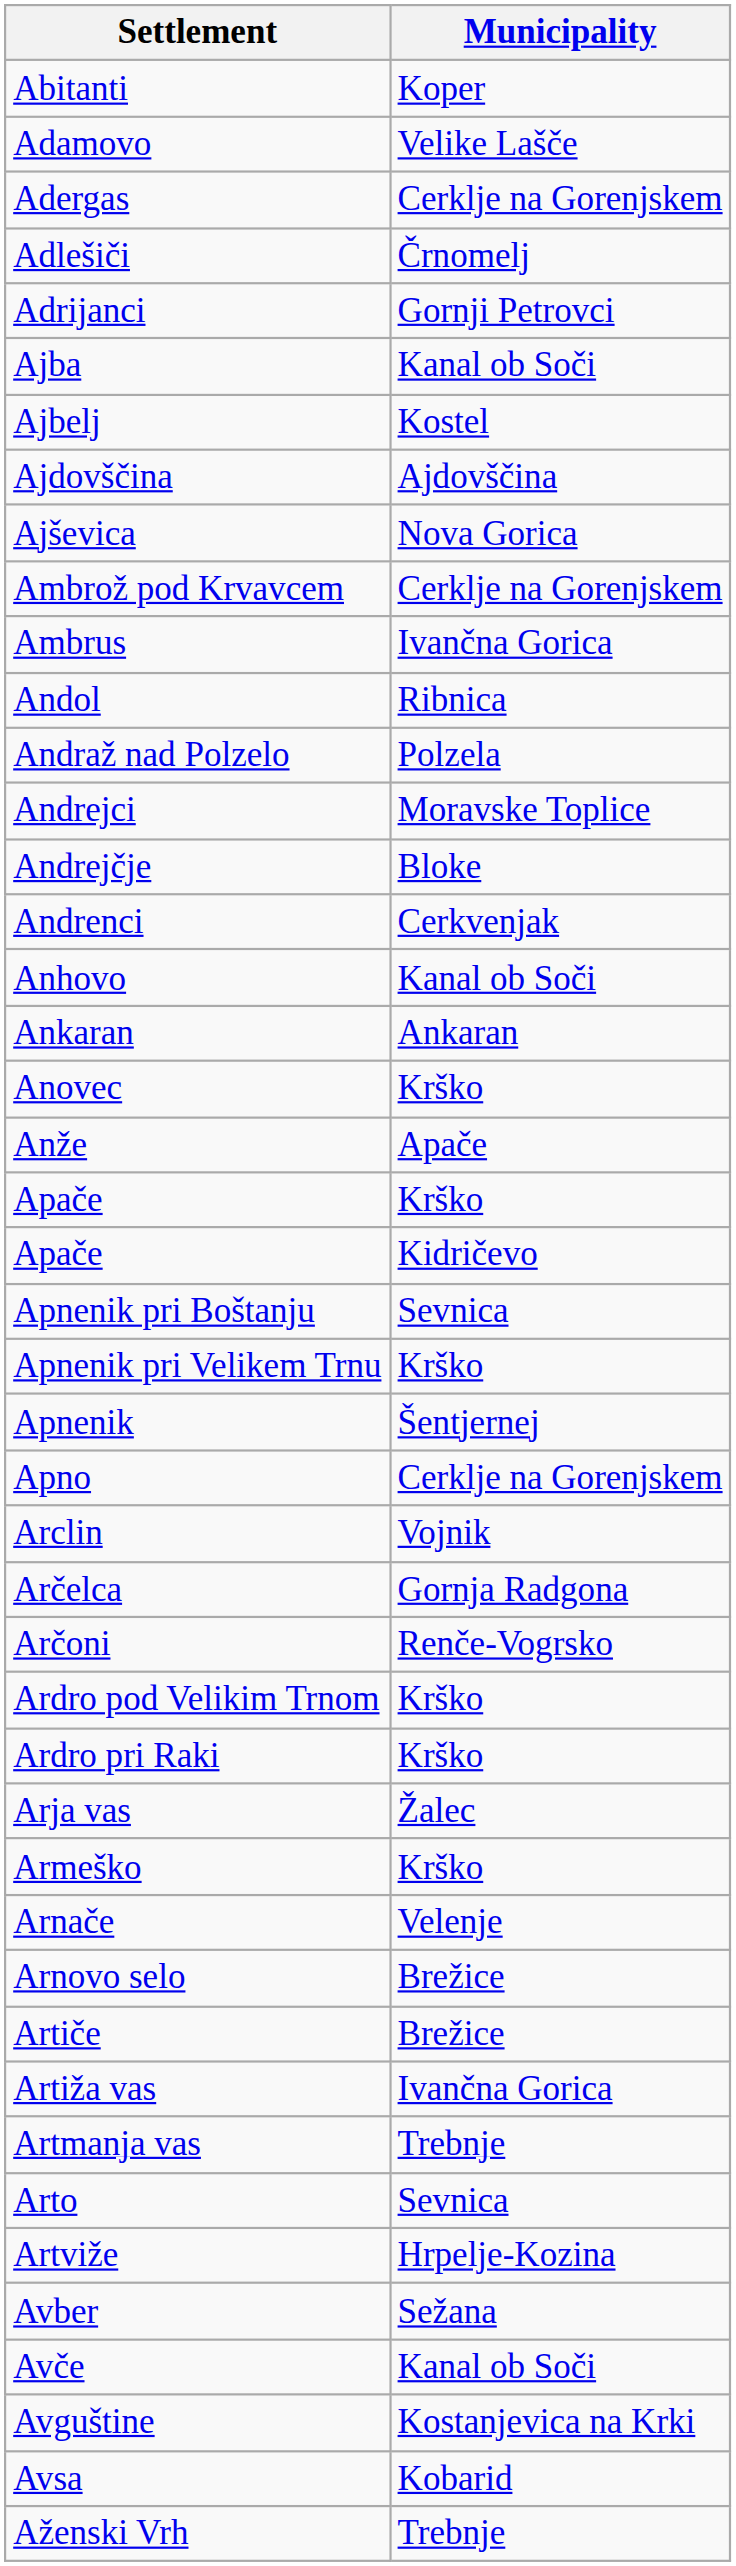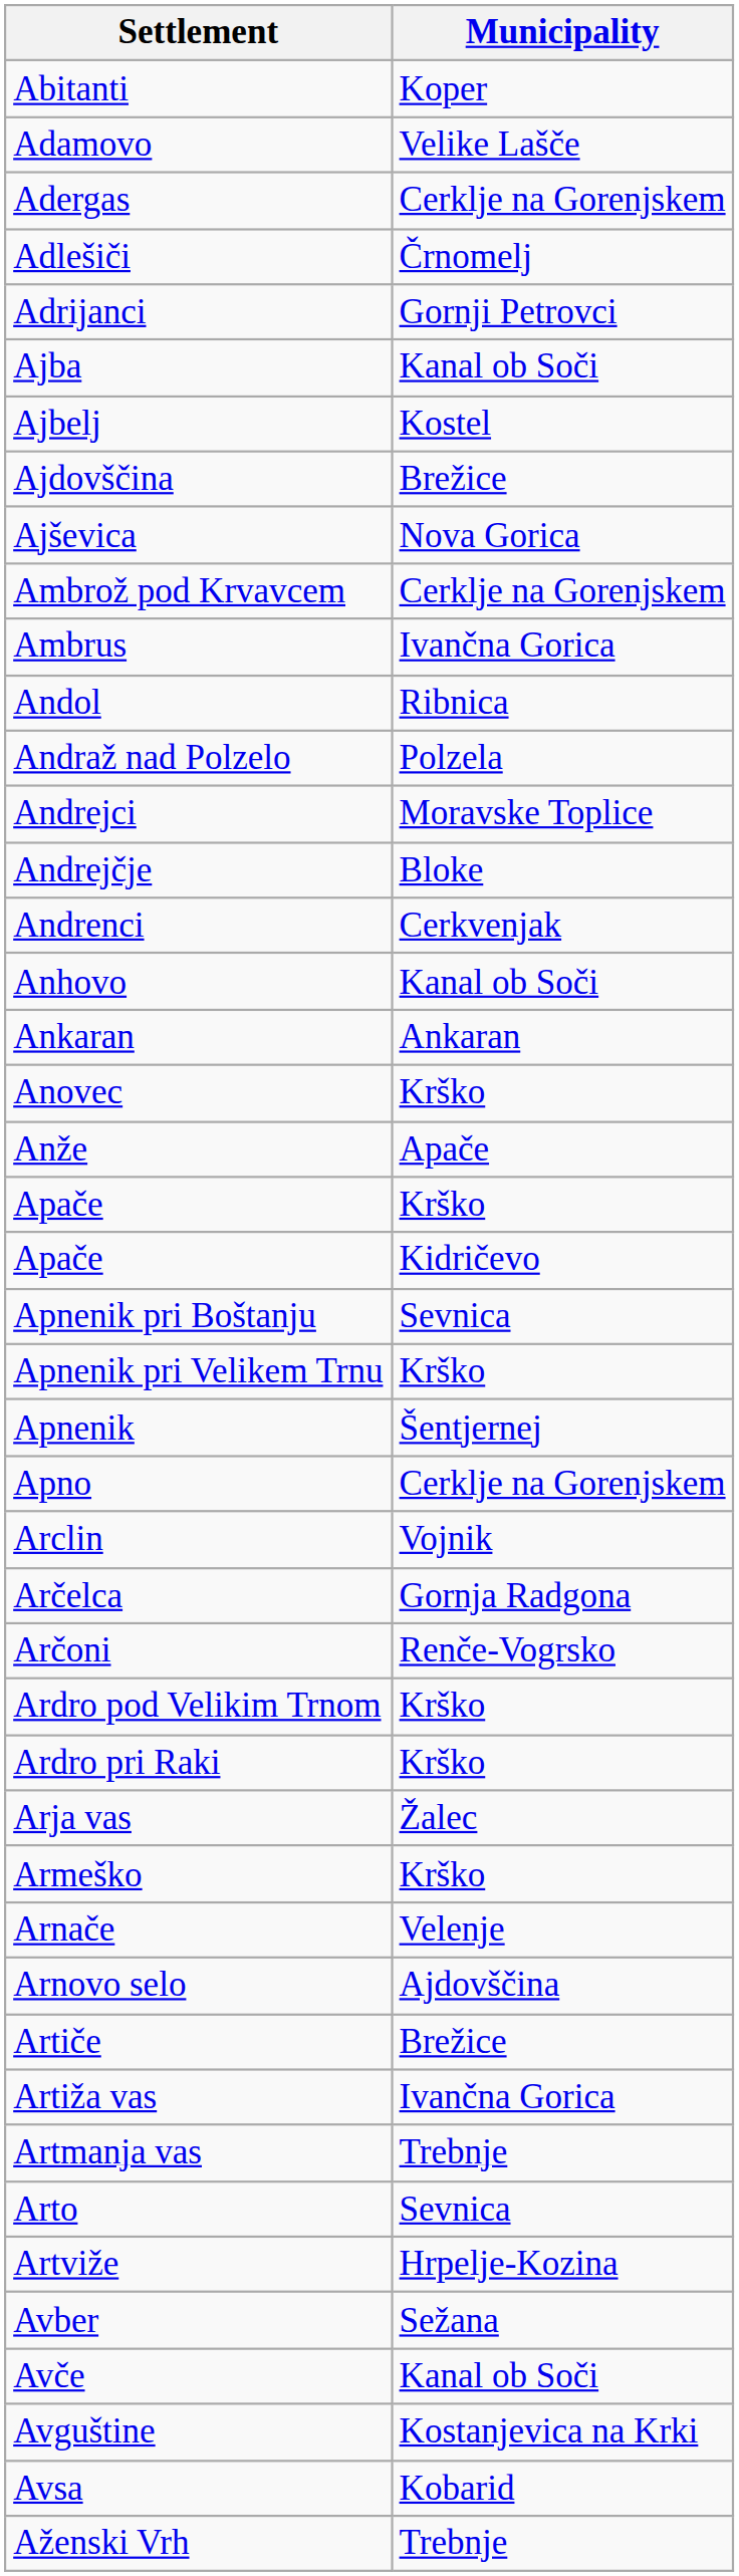 <table class="wikitable sortable">
 <tr>
 <th>Settlement</th>
 <th><a href='#'>Municipality</a></th>
 </tr>
 <tr>
 <td><a href='#'>Abitanti</a></td>
 <td><a href='#'>Koper</a></td>
 </tr>
 <tr>
 <td><a href='#'>Adamovo</a></td>
 <td><a href='#'>Velike Lašče</a></td>
 </tr>
 <tr>
 <td><a href='#'>Adergas</a></td>
 <td><a href='#'>Cerklje na Gorenjskem</a></td>
 </tr>
 <tr>
 <td><a href='#'>Adlešiči</a></td>
 <td><a href='#'>Črnomelj</a></td>
 </tr>
 <tr>
 <td><a href='#'>Adrijanci</a></td>
 <td><a href='#'>Gornji Petrovci</a></td>
 </tr>
 <tr>
 <td><a href='#'>Ajba</a></td>
 <td><a href='#'>Kanal ob Soči</a></td>
 </tr>
 <tr>
 <td><a href='#'>Ajbelj</a></td>
 <td><a href='#'>Kostel</a></td>
 </tr>
 <tr>
 <td><a href='#'>Ajdovščina</a></td>
-<td><a href='#'>Ajdovščina</a></td>
+<td><a href='#'>Brežice</a></td>
 </tr>
 <tr>
 <td><a href='#'>Ajševica</a></td>
 <td><a href='#'>Nova Gorica</a></td>
 </tr>
 <tr>
 <td><a href='#'>Ambrož pod Krvavcem</a></td>
 <td><a href='#'>Cerklje na Gorenjskem</a></td>
 </tr>
 <tr>
 <td><a href='#'>Ambrus</a></td>
 <td><a href='#'>Ivančna Gorica</a></td>
 </tr>
 <tr>
 <td><a href='#'>Andol</a></td>
 <td><a href='#'>Ribnica</a></td>
 </tr>
 <tr>
 <td><a href='#'>Andraž nad Polzelo</a></td>
 <td><a href='#'>Polzela</a></td>
 </tr>
 <tr>
 <td><a href='#'>Andrejci</a></td>
 <td><a href='#'>Moravske Toplice</a></td>
 </tr>
 <tr>
 <td><a href='#'>Andrejčje</a></td>
 <td><a href='#'>Bloke</a></td>
 </tr>
 <tr>
 <td><a href='#'>Andrenci</a></td>
 <td><a href='#'>Cerkvenjak</a></td>
 </tr>
 <tr>
 <td><a href='#'>Anhovo</a></td>
 <td><a href='#'>Kanal ob Soči</a></td>
 </tr>
 <tr>
 <td><a href='#'>Ankaran</a></td>
 <td><a href='#'>Ankaran</a></td>
 </tr>
 <tr>
 <td><a href='#'>Anovec</a></td>
 <td><a href='#'>Krško</a></td>
 </tr>
 <tr>
 <td><a href='#'>Anže</a></td>
 <td><a href='#'>Apače</a></td>
 </tr>
 <tr>
 <td><a href='#'>Apače</a></td>
 <td><a href='#'>Krško</a></td>
 </tr>
 <tr>
 <td><a href='#'>Apače</a></td>
 <td><a href='#'>Kidričevo</a></td>
 </tr>
 <tr>
 <td><a href='#'>Apnenik pri Boštanju</a></td>
 <td><a href='#'>Sevnica</a></td>
 </tr>
 <tr>
 <td><a href='#'>Apnenik pri Velikem Trnu</a></td>
 <td><a href='#'>Krško</a></td>
 </tr>
 <tr>
 <td><a href='#'>Apnenik</a></td>
 <td><a href='#'>Šentjernej</a></td>
 </tr>
 <tr>
 <td><a href='#'>Apno</a></td>
 <td><a href='#'>Cerklje na Gorenjskem</a></td>
 </tr>
 <tr>
 <td><a href='#'>Arclin</a></td>
 <td><a href='#'>Vojnik</a></td>
 </tr>
 <tr>
 <td><a href='#'>Arčelca</a></td>
 <td><a href='#'>Gornja Radgona</a></td>
 </tr>
 <tr>
 <td><a href='#'>Arčoni</a></td>
 <td><a href='#'>Renče-Vogrsko</a></td>
 </tr>
 <tr>
 <td><a href='#'>Ardro pod Velikim Trnom</a></td>
 <td><a href='#'>Krško</a></td>
 </tr>
 <tr>
 <td><a href='#'>Ardro pri Raki</a></td>
 <td><a href='#'>Krško</a></td>
 </tr>
 <tr>
 <td><a href='#'>Arja vas</a></td>
 <td><a href='#'>Žalec</a></td>
 </tr>
 <tr>
 <td><a href='#'>Armeško</a></td>
 <td><a href='#'>Krško</a></td>
 </tr>
 <tr>
 <td><a href='#'>Arnače</a></td>
 <td><a href='#'>Velenje</a></td>
 </tr>
 <tr>
 <td><a href='#'>Arnovo selo</a></td>
-<td><a href='#'>Brežice</a></td>
+<td><a href='#'>Ajdovščina</a></td>
 </tr>
 <tr>
 <td><a href='#'>Artiče</a></td>
 <td><a href='#'>Brežice</a></td>
 </tr>
 <tr>
 <td><a href='#'>Artiža vas</a></td>
 <td><a href='#'>Ivančna Gorica</a></td>
 </tr>
 <tr>
 <td><a href='#'>Artmanja vas</a></td>
 <td><a href='#'>Trebnje</a></td>
 </tr>
 <tr>
 <td><a href='#'>Arto</a></td>
 <td><a href='#'>Sevnica</a></td>
 </tr>
 <tr>
 <td><a href='#'>Artviže</a></td>
 <td><a href='#'>Hrpelje-Kozina</a></td>
 </tr>
 <tr>
 <td><a href='#'>Avber</a></td>
 <td><a href='#'>Sežana</a></td>
 </tr>
 <tr>
 <td><a href='#'>Avče</a></td>
 <td><a href='#'>Kanal ob Soči</a></td>
 </tr>
 <tr>
 <td><a href='#'>Avguštine</a></td>
 <td><a href='#'>Kostanjevica na Krki</a></td>
 </tr>
 <tr>
 <td><a href='#'>Avsa</a></td>
 <td><a href='#'>Kobarid</a></td>
 </tr>
 <tr>
 <td><a href='#'>Aženski Vrh</a></td>
 <td><a href='#'>Trebnje</a></td>
 </tr>
 </table>
